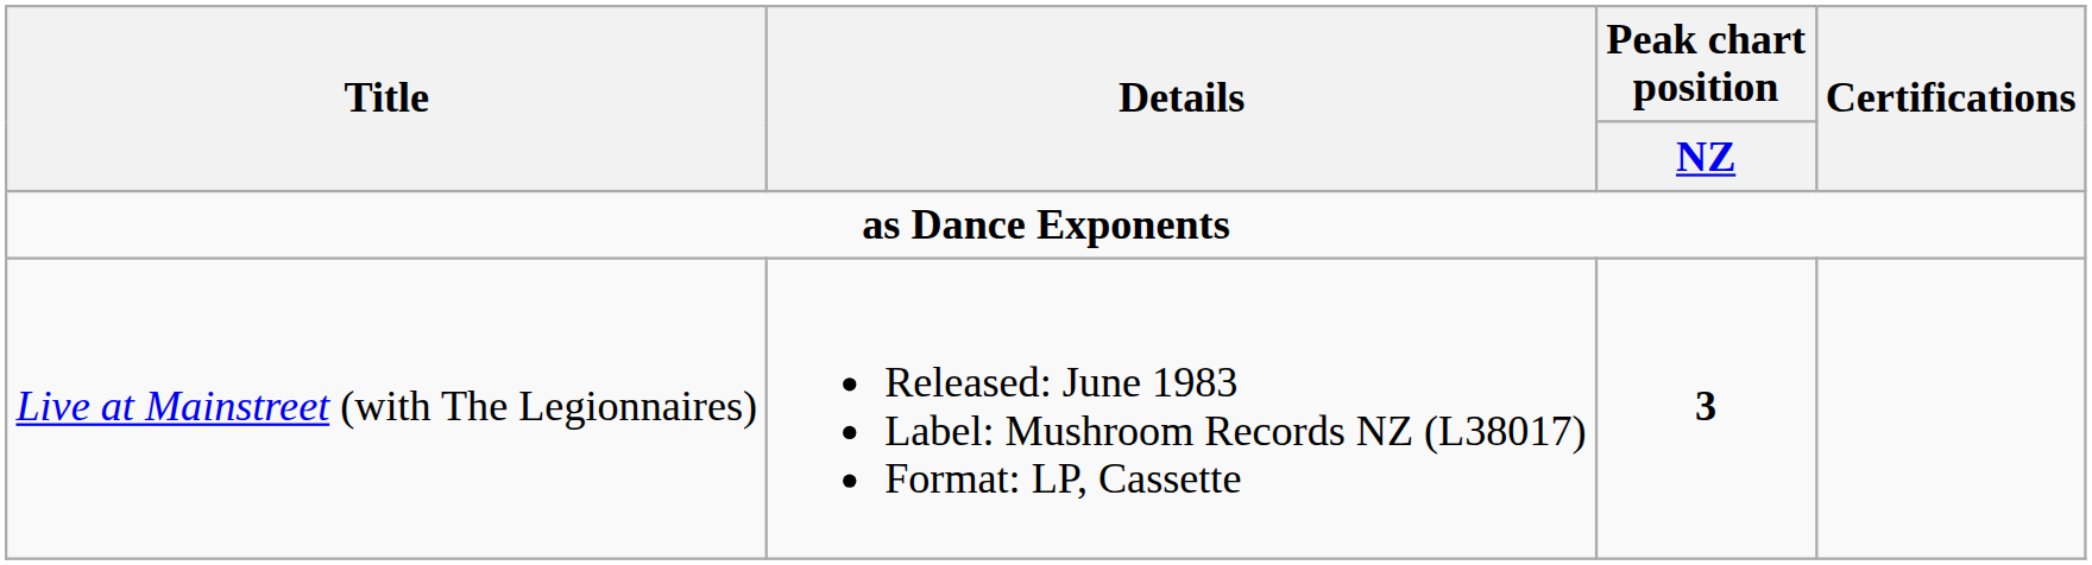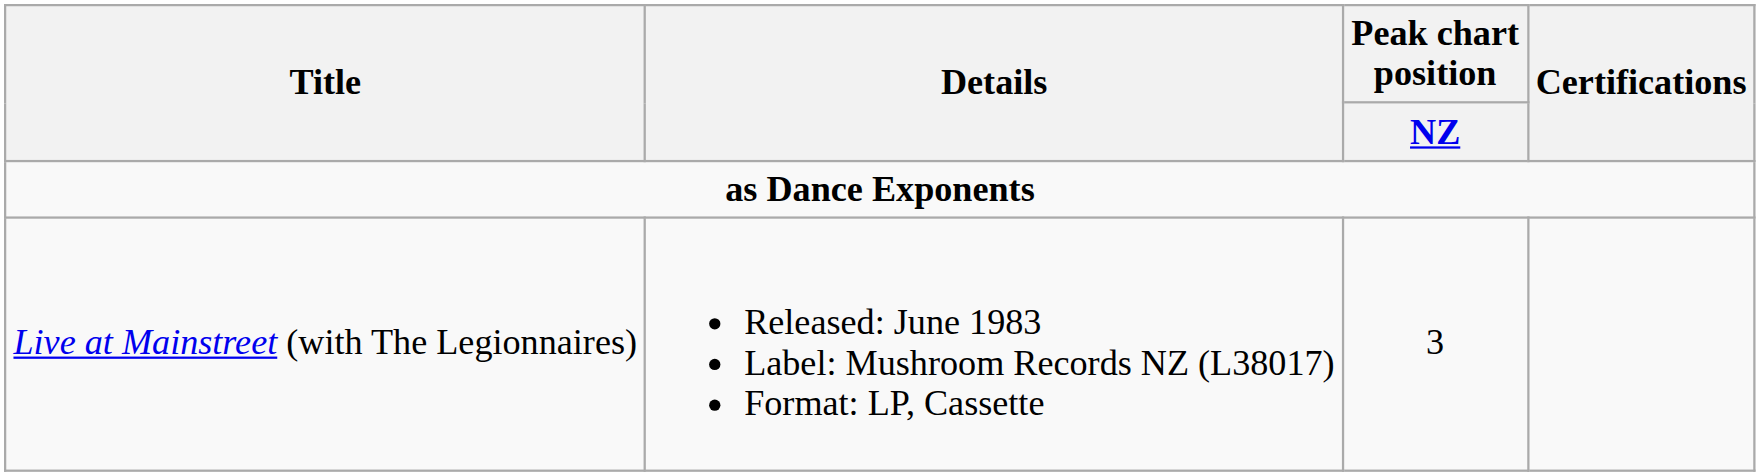 <table class="wikitable plainrowheaders">
 <tr>
 <th rowspan="2">Title</th>
 <th rowspan="2">Details</th>
 <th>Peak chart<br>position</th>
 <th rowspan="2">Certifications</th>
 </tr>
 <tr>
 <th><a href='#'>NZ</a></th>
 </tr>
 <tr>
 <td colspan=4 align=center><strong>as Dance Exponents</strong></td>
 </tr>
 <tr>
 <td><em><a href='#'>Live at Mainstreet</a></em> (with The Legionnaires)</td>
 <td><br><ul><li>Released: June 1983</li><li>Label: Mushroom Records NZ (L38017)</li><li>Format: LP, Cassette</li></ul></td>
-<td align="center"><strong>3</strong></td>
+<td align="center">3</td>
 <td></td>
 </tr>
 </table>
